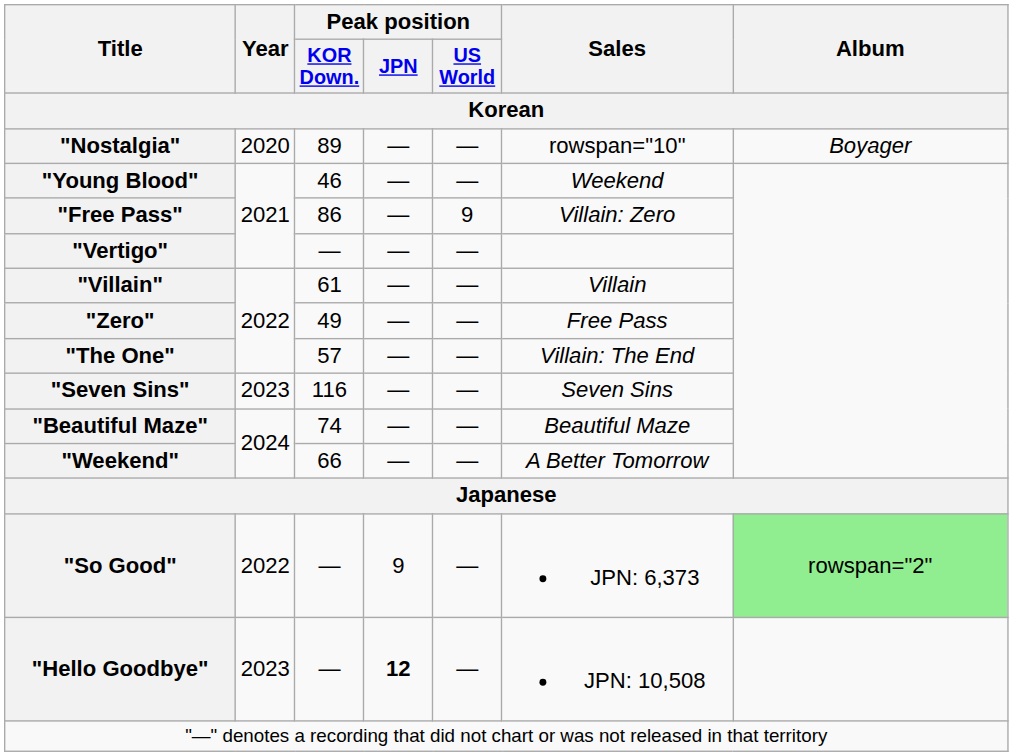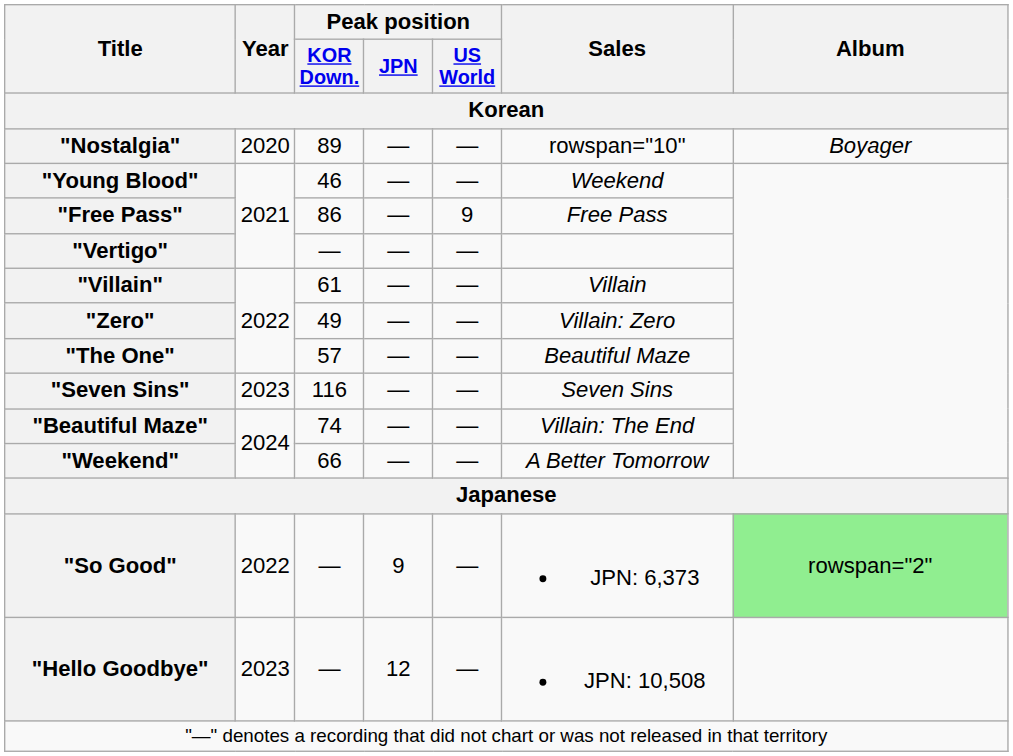 <table class="wikitable plainrowheaders" style="text-align:center;">
 <tr>
 <th scope="col" rowspan="2" style="width:10em;">Title</th>
 <th scope="col" rowspan="2" style="width:2em;">Year</th>
 <th scope="col" colspan="3">Peak position</th>
 <th scope="col" rowspan="2" style="width:10em;">Sales</th>
 <th scope="col" rowspan="2" style="width:12em;">Album</th>
 </tr>
 <tr>
 <th scope="col" style="width:3em;font-size:90%;"><a href='#'>KOR<br>Down.</a><br></th>
 <th scope="col" style="width:3em;font-size:90%;"><a href='#'>JPN</a><br></th>
 <th style="width:3em;font-size:90%;"><a href='#'>US<br>World</a><br></th>
 </tr>
 <tr>
 <th colspan="7">Korean</th>
 </tr>
 <tr>
 <th scope="row">"Nostalgia"</th>
 <td>2020</td>
 <td>89</td>
 <td>—</td>
 <td>—</td>
 <td>rowspan="10" </td>
 <td><em>Boyager</em></td>
 </tr>
 <tr>
 <th scope="row">"Young Blood"</th>
 <td rowspan="3">2021</td>
 <td>46</td>
 <td>—</td>
 <td>—</td>
 <td><em>Weekend</em></td>
 </tr>
 <tr>
 <th scope="row">"Free Pass"</th>
 <td>86</td>
 <td>—</td>
 <td>9</td>
-<td><em>Villain: Zero</em></td>
+<td><em>Free Pass</em></td>
 </tr>
 <tr>
 <th scope="row">"Vertigo"</th>
 <td>—</td>
 <td>—</td>
 <td>—</td>
 <td></td>
 </tr>
 <tr>
 <th scope="row">"Villain"</th>
 <td rowspan="3">2022</td>
 <td>61</td>
 <td>—</td>
 <td>—</td>
 <td><em>Villain</em></td>
 </tr>
 <tr>
 <th scope="row">"Zero"</th>
 <td>49</td>
 <td>—</td>
 <td>—</td>
-<td><em>Free Pass</em></td>
+<td><em>Villain: Zero</em></td>
 </tr>
 <tr>
 <th scope="row">"The One"</th>
 <td>57</td>
 <td>—</td>
 <td>—</td>
-<td><em>Villain: The End</em></td>
+<td><em>Beautiful Maze</em></td>
 </tr>
 <tr>
 <th scope="row">"Seven Sins"</th>
 <td>2023</td>
 <td>116</td>
 <td>—</td>
 <td>—</td>
 <td><em>Seven Sins</em></td>
 </tr>
 <tr>
 <th scope="row">"Beautiful Maze"</th>
 <td rowspan="2">2024</td>
 <td>74</td>
 <td>—</td>
 <td>—</td>
-<td><em>Beautiful Maze</em></td>
+<td><em>Villain: The End</em></td>
 </tr>
 <tr>
 <th scope="row">"Weekend"</th>
 <td>66</td>
 <td>—</td>
 <td>—</td>
 <td><em>A Better Tomorrow</em></td>
 </tr>
 <tr>
 <th colspan="7">Japanese</th>
 </tr>
 <tr>
 <th scope="row">"So Good"</th>
 <td>2022</td>
 <td>—</td>
 <td>9</td>
 <td>—</td>
 <td><br><ul><li>JPN: 6,373</li></ul></td>
 <td style="background: lightgreen;">rowspan="2" </td>
 </tr>
 <tr>
 <th scope="row">"Hello Goodbye"</th>
 <td>2023</td>
 <td>—</td>
-<td><strong>12</strong></td>
+<td>12</td>
 <td>—</td>
 <td><br><ul><li>JPN: 10,508</li></ul></td>
 </tr>
 <tr>
 <td colspan="7" style="font-size:85%">"—" denotes a recording that did not chart or was not released in that territory</td>
 </tr>
 </table>
